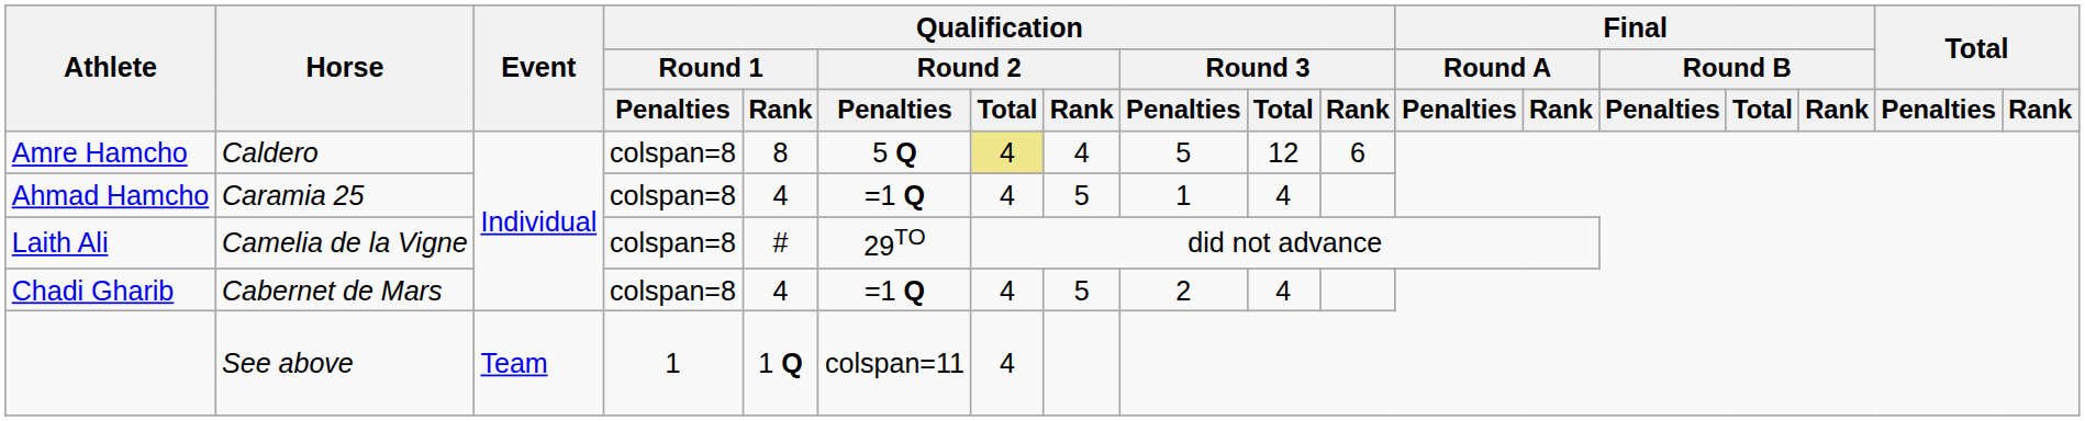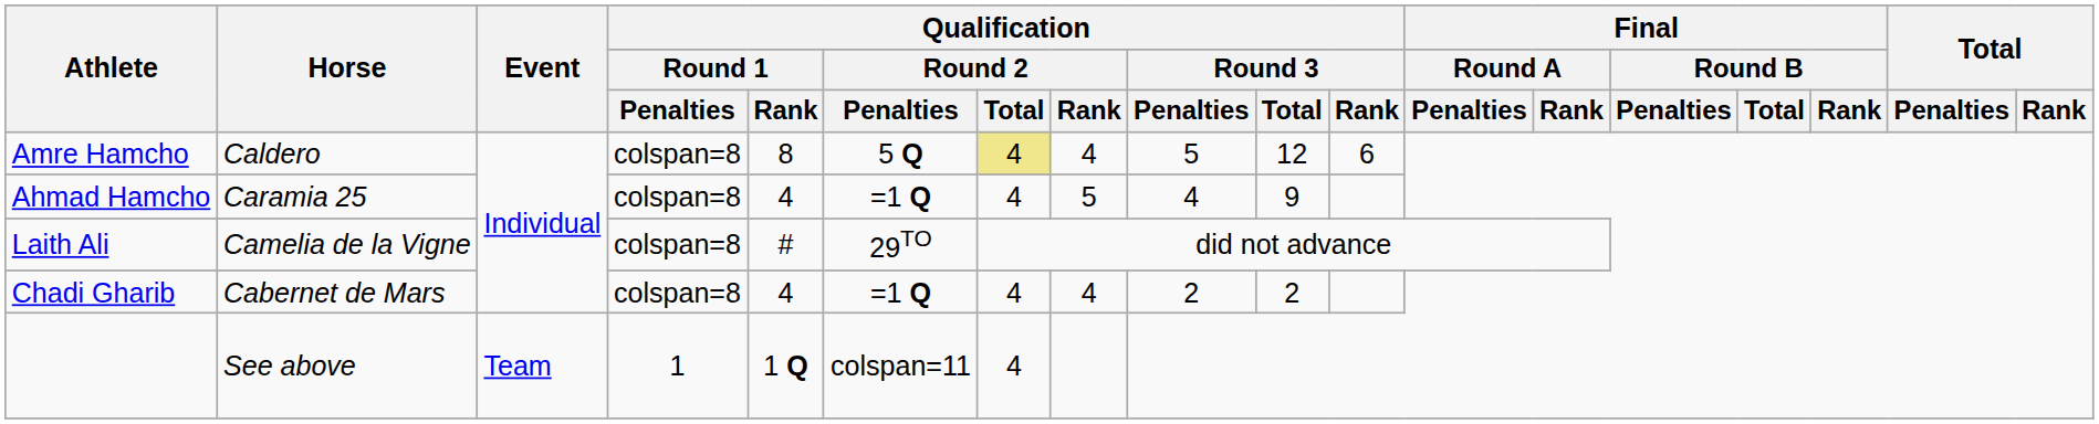 <table class="wikitable" style="font-size:90%">
 <tr>
 <th rowspan="3">Athlete</th>
 <th rowspan="3">Horse</th>
 <th rowspan="3">Event</th>
 <th colspan="8">Qualification</th>
 <th colspan="5">Final</th>
 <th rowspan=2 colspan="2">Total</th>
 </tr>
 <tr style="font-size:95%">
 <th colspan="2">Round 1</th>
 <th colspan="3">Round 2</th>
 <th colspan="3">Round 3</th>
 <th colspan="2">Round A</th>
 <th colspan="3">Round B</th>
 </tr>
 <tr style="font-size:95%">
 <th>Penalties</th>
 <th>Rank</th>
 <th>Penalties</th>
 <th>Total</th>
 <th>Rank</th>
 <th>Penalties</th>
 <th>Total</th>
 <th>Rank</th>
 <th>Penalties</th>
 <th>Rank</th>
 <th>Penalties</th>
 <th>Total</th>
 <th>Rank</th>
 <th>Penalties</th>
 <th>Rank</th>
 </tr>
 <tr align=center>
 <td align=left><a href='#'>Amre Hamcho</a></td>
 <td align=left><em>Caldero</em></td>
 <td style="text-align:left;" rowspan="4"><a href='#'>Individual</a></td>
 <td>colspan=8 </td>
 <td>8</td>
 <td>5 <strong>Q</strong></td>
 <td style="background: khaki;">4</td>
 <td>4</td>
 <td>5</td>
 <td>12</td>
 <td>6</td>
 </tr>
 <tr align=center>
 <td align=left><a href='#'>Ahmad Hamcho</a></td>
 <td align=left><em>Caramia 25</em></td>
 <td>colspan=8 </td>
 <td>4</td>
 <td>=1 <strong>Q</strong></td>
 <td>4</td>
 <td>5</td>
-<td>1</td>
 <td>4</td>
+<td>9</td>
 <td></td>
 </tr>
 <tr align=center>
 <td align=left><a href='#'>Laith Ali</a></td>
 <td align=left><em>Camelia de la Vigne</em></td>
 <td>colspan=8 </td>
 <td>#</td>
 <td>29<sup>TO</sup></td>
 <td colspan=7>did not advance</td>
 </tr>
 <tr align=center>
 <td align=left><a href='#'>Chadi Gharib</a></td>
 <td align=left><em>Cabernet de Mars</em></td>
 <td>colspan=8 </td>
 <td>4</td>
 <td>=1 <strong>Q</strong></td>
 <td>4</td>
-<td>5</td>
+<td>4</td>
 <td>2</td>
-<td>4</td>
+<td>2</td>
 <td></td>
 </tr>
 <tr align=center>
 <td align=left><strong><br><br><br></strong></td>
 <td align=left><em>See above</em></td>
 <td align=left><a href='#'>Team</a></td>
 <td>1</td>
 <td>1 <strong>Q</strong></td>
 <td>colspan=11 </td>
 <td>4</td>
 <td></td>
 </tr>
 </table>
